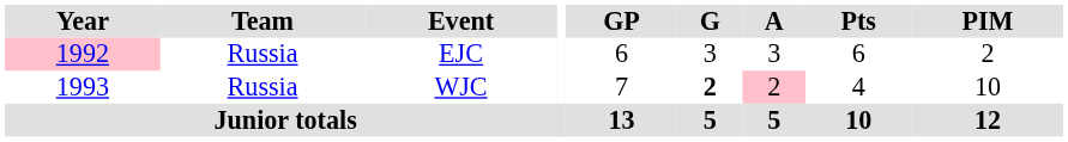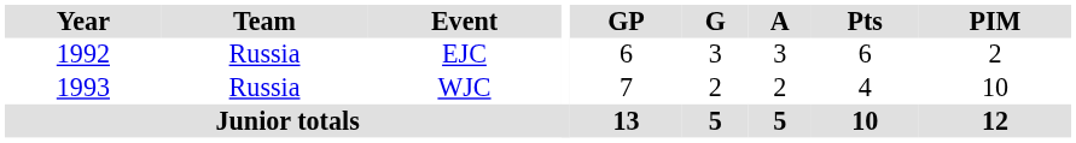 <table border="0" cellpadding="1" cellspacing="0" ID="Table3" style="text-align:center; width:40em">
 <tr bgcolor="#e0e0e0">
 <th>Year</th>
 <th>Team</th>
 <th>Event</th>
 <th rowspan="102" bgcolor="#ffffff"></th>
 <th>GP</th>
 <th>G</th>
 <th>A</th>
 <th>Pts</th>
 <th>PIM</th>
 </tr>
 <tr>
-<td style="background: pink;"><a href='#'>1992</a></td>
+<td><a href='#'>1992</a></td>
 <td><a href='#'>Russia</a></td>
 <td><a href='#'>EJC</a></td>
 <td>6</td>
 <td>3</td>
 <td>3</td>
 <td>6</td>
 <td>2</td>
 </tr>
 <tr>
 <td><a href='#'>1993</a></td>
 <td><a href='#'>Russia</a></td>
 <td><a href='#'>WJC</a></td>
 <td>7</td>
-<td><strong>2</strong></td>
-<td style="background: pink;">2</td>
+<td>2</td>
+<td>2</td>
 <td>4</td>
 <td>10</td>
 </tr>
 <tr bgcolor="#e0e0e0">
 <th colspan="4">Junior totals</th>
 <th>13</th>
 <th>5</th>
 <th>5</th>
 <th>10</th>
 <th>12</th>
 </tr>
 </table>
